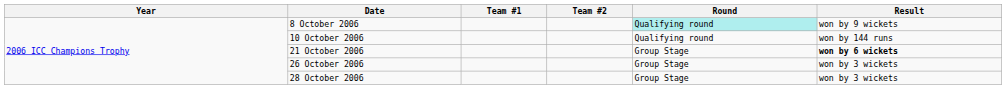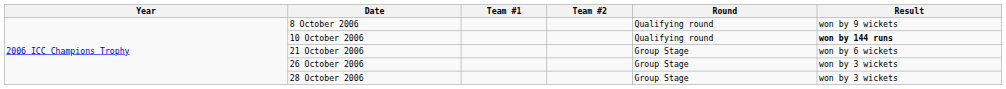 <table class="wikitable" style="text-align:left; width:100%;">
 <tr>
 <th>Year</th>
 <th>Date</th>
 <th>Team #1</th>
 <th>Team #2</th>
 <th>Round</th>
 <th>Result</th>
 </tr>
 <tr>
 <td rowspan=5><a href='#'>2006 ICC Champions Trophy</a></td>
 <td>8 October 2006</td>
 <td></td>
 <td></td>
-<td style="background: paleturquoise;">Qualifying round</td>
+<td>Qualifying round</td>
 <td> won by 9 wickets</td>
 </tr>
 <tr>
 <td>10 October 2006</td>
 <td></td>
 <td></td>
 <td>Qualifying round</td>
-<td> won by 144 runs</td>
+<td><strong> won by 144 runs</strong></td>
 </tr>
 <tr>
 <td>21 October 2006</td>
 <td></td>
 <td></td>
 <td>Group Stage</td>
-<td><strong> won by 6 wickets</strong></td>
+<td> won by 6 wickets</td>
 </tr>
 <tr>
 <td>26 October 2006</td>
 <td></td>
 <td></td>
 <td>Group Stage</td>
 <td> won by 3 wickets</td>
 </tr>
 <tr>
 <td>28 October 2006</td>
 <td></td>
 <td></td>
 <td>Group Stage</td>
 <td> won by 3 wickets</td>
 </tr>
 </table>
